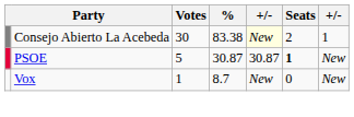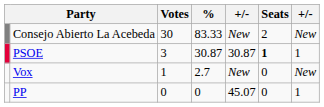 <table class="wikitable">
 <tr>
 <th colspan="2">Party</th>
 <th>Votes</th>
 <th>%</th>
 <th>+/-</th>
 <th>Seats</th>
 <th>+/-</th>
 </tr>
 <tr>
 <td bgcolor="grey"></td>
 <td>Consejo Abierto La Acebeda</td>
 <td>30</td>
-<td>83.38</td>
-<td style="background: lightyellow;"><em>New</em></td>
+<td>83.33</td>
+<td><em>New</em></td>
 <td>2</td>
-<td> 1</td>
+<td><em>New</em></td>
 </tr>
 <tr>
 <td bgcolor="#E4003B"></td>
 <td><a href='#'>PSOE</a></td>
-<td>5</td>
+<td>3</td>
 <td>30.87</td>
 <td> 30.87</td>
 <td><strong>1</strong></td>
-<td><em>New</em></td>
+<td> 1</td>
 </tr>
 <tr>
 <td></td>
 <td><a href='#'>Vox</a></td>
 <td>1</td>
-<td>8.7</td>
+<td>2.7</td>
 <td><em>New</em></td>
 <td>0</td>
 <td><em>New</em></td>
 </tr>
+<tr>
+<td></td>
+<td><a href='#'>PP</a></td>
+<td>0</td>
+<td>0</td>
+<td> 45.07</td>
+<td>0</td>
+<td> 1</td>
+</tr>
 </table>
